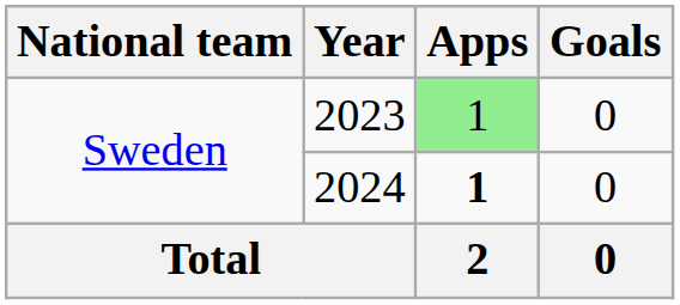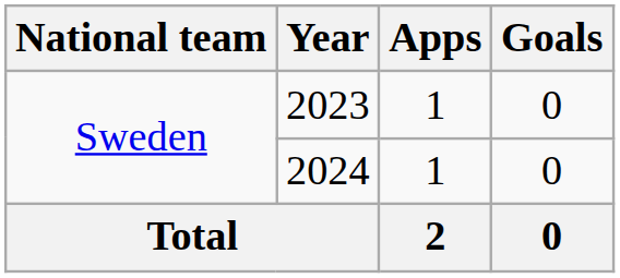 <table class="wikitable" style="text-align:center">
 <tr>
 <th>National team</th>
 <th>Year</th>
 <th>Apps</th>
 <th>Goals</th>
 </tr>
 <tr>
 <td rowspan="2"><a href='#'>Sweden</a></td>
 <td>2023</td>
-<td style="background: lightgreen;">1</td>
+<td>1</td>
 <td>0</td>
 </tr>
 <tr>
 <td>2024</td>
-<td><strong>1</strong></td>
+<td>1</td>
 <td>0</td>
 </tr>
 <tr>
 <th colspan="2">Total</th>
 <th>2</th>
 <th>0</th>
 </tr>
 </table>
